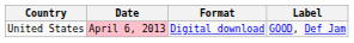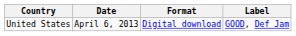 <table class="wikitable">
 <tr>
 <th>Country</th>
 <th>Date</th>
 <th>Format</th>
 <th>Label</th>
 </tr>
 <tr>
 <td rowspan="2">United States</td>
-<td style="background: pink;">April 6, 2013</td>
+<td>April 6, 2013</td>
 <td><a href='#'>Digital download</a></td>
 <td rowspan="2"><a href='#'>GOOD</a>, <a href='#'>Def Jam</a></td>
 </tr>
 </table>
